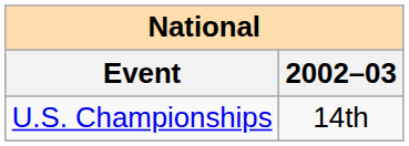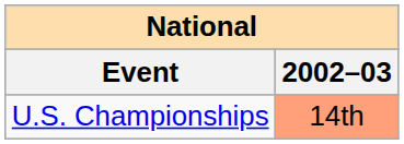 <table class="wikitable" style="text-align:center">
 <tr>
 <th style="background-color: #ffdead; " colspan=2 align=center>National</th>
 </tr>
 <tr>
 <th>Event</th>
 <th>2002–03</th>
 </tr>
 <tr>
 <td align=left><a href='#'>U.S. Championships</a></td>
-<td>14th</td>
+<td style="background: lightsalmon;">14th</td>
 </tr>
 </table>
